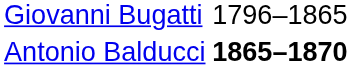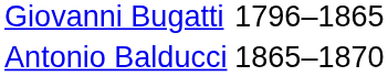 <table>
 <tr>
 <td><a href='#'>Giovanni Bugatti</a></td>
 <td>1796–1865</td>
 </tr>
 <tr>
 <td><a href='#'>Antonio Balducci</a></td>
-<td><strong>1865–1870</strong></td>
+<td>1865–1870</td>
 </tr>
 </table>
